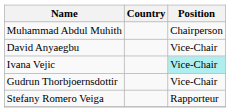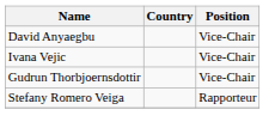 <table class="wikitable" style="display: inline-table;">
 <tr>
 <th>Name</th>
 <th>Country</th>
 <th>Position</th>
-</tr>
-<tr>
-<td>Muhammad Abdul Muhith</td>
-<td></td>
-<td>Chairperson</td>
 </tr>
 <tr>
 <td>David Anyaegbu</td>
 <td></td>
 <td>Vice-Chair</td>
 </tr>
 <tr>
 <td>Ivana Vejic</td>
 <td></td>
-<td style="background: paleturquoise;">Vice-Chair</td>
+<td>Vice-Chair</td>
 </tr>
 <tr>
 <td>Gudrun Thorbjoernsdottir</td>
 <td></td>
 <td>Vice-Chair</td>
 </tr>
 <tr>
 <td>Stefany Romero Veiga</td>
 <td></td>
 <td>Rapporteur</td>
 </tr>
 <tr>
 </tr>
 </table>
